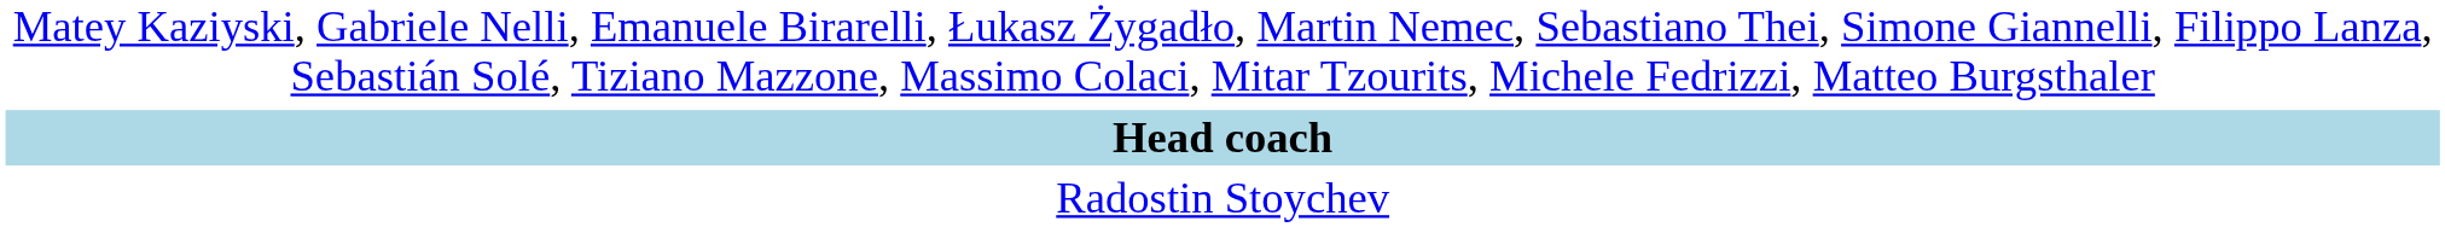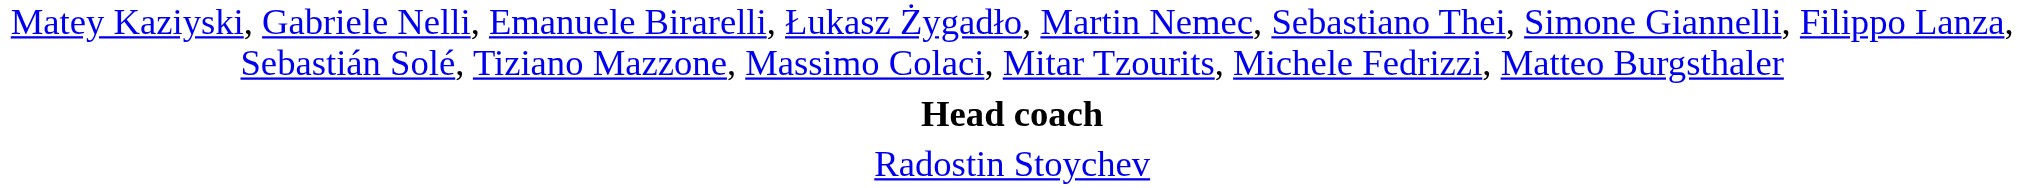 <table style="text-align: center; margin-top: 2em; margin-left: auto; margin-right: auto">
 <tr>
 <td><a href='#'>Matey Kaziyski</a>, <a href='#'>Gabriele Nelli</a>, <a href='#'>Emanuele Birarelli</a>, <a href='#'>Łukasz Żygadło</a>, <a href='#'>Martin Nemec</a>, <a href='#'>Sebastiano Thei</a>, <a href='#'>Simone Giannelli</a>, <a href='#'>Filippo Lanza</a>, <a href='#'>Sebastián Solé</a>, <a href='#'>Tiziano Mazzone</a>, <a href='#'>Massimo Colaci</a>, <a href='#'>Mitar Tzourits</a>, <a href='#'>Michele Fedrizzi</a>, <a href='#'>Matteo Burgsthaler</a></td>
 </tr>
 <tr>
-<td style="background: lightblue;"><strong>Head coach</strong></td>
+<td><strong>Head coach</strong></td>
 </tr>
 <tr>
 <td><a href='#'>Radostin Stoychev</a></td>
 </tr>
 </table>
